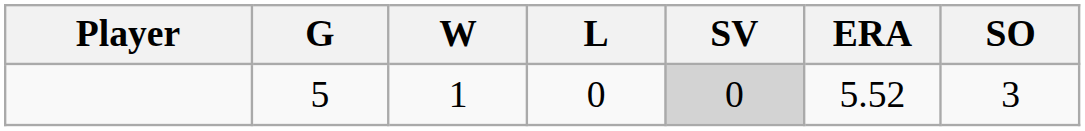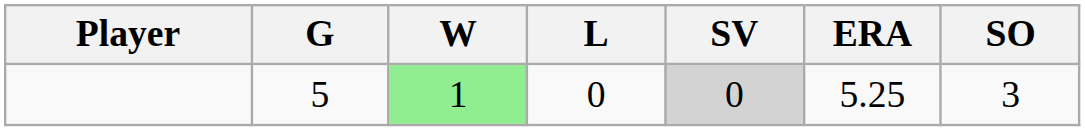 <table class="wikitable sortable">
 <tr>
 <th bgcolor="#DDDDFF" width="16%">Player</th>
 <th bgcolor="#DDDDFF" width="9%">G</th>
 <th bgcolor="#DDDDFF" width="9%">W</th>
 <th bgcolor="#DDDDFF" width="9%">L</th>
 <th bgcolor="#DDDDFF" width="9%">SV</th>
 <th bgcolor="#DDDDFF" width="9%">ERA</th>
 <th bgcolor="#DDDDFF" width="9%">SO</th>
 </tr>
 <tr align="center">
 <td></td>
 <td>5</td>
-<td>1</td>
+<td style="background: lightgreen;">1</td>
 <td>0</td>
 <td style="background: lightgrey;">0</td>
-<td>5.52</td>
+<td>5.25</td>
 <td>3</td>
 </tr>
 </table>
